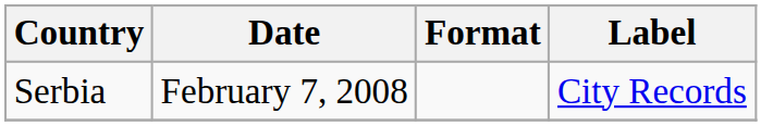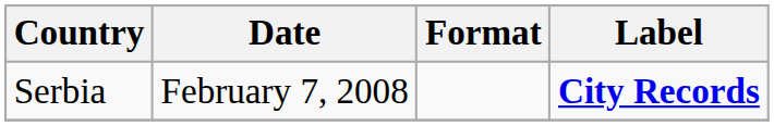 <table class="wikitable plainrowheaders">
 <tr>
 <th scope="col">Country</th>
 <th scope="col">Date</th>
 <th scope="col">Format</th>
 <th scope="col">Label</th>
 </tr>
 <tr>
 <td>Serbia</td>
 <td>February 7, 2008</td>
 <td></td>
-<td><a href='#'>City Records</a></td>
+<td><strong><a href='#'>City Records</a></strong></td>
 </tr>
 <tr>
 </tr>
 </table>
